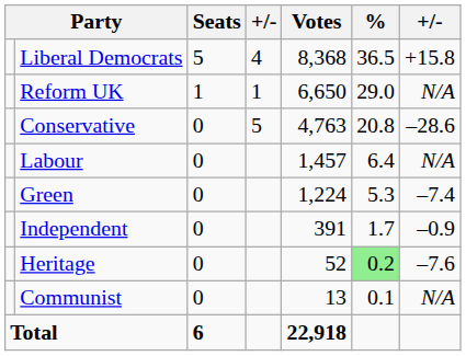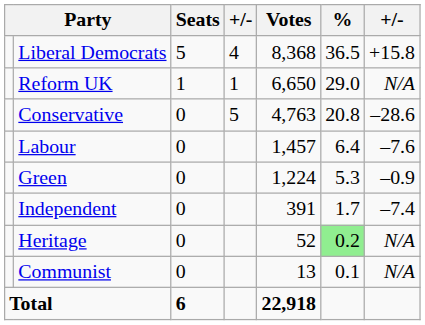 <table class="wikitable sortable">
 <tr>
 <th colspan="2">Party</th>
 <th>Seats</th>
 <th>+/-</th>
 <th>Votes</th>
 <th>%</th>
 <th>+/-</th>
 </tr>
 <tr>
 <td style="background-color: "></td>
 <td><a href='#'>Liberal Democrats</a></td>
 <td>5</td>
 <td> 4</td>
 <td style="text-align:right;">8,368</td>
 <td style="text-align:right;">36.5</td>
 <td style="text-align:right;">+15.8</td>
 </tr>
 <tr>
 <td style="background-color: "></td>
 <td><a href='#'>Reform UK</a></td>
 <td>1</td>
 <td> 1</td>
 <td style="text-align:right;">6,650</td>
 <td style="text-align:right;">29.0</td>
 <td style="text-align:right;"><em>N/A</em></td>
 </tr>
 <tr>
 <td style="background-color: "></td>
 <td><a href='#'>Conservative</a></td>
 <td>0</td>
 <td> 5</td>
 <td style="text-align:right;">4,763</td>
 <td style="text-align:right;">20.8</td>
 <td style="text-align:right;">–28.6</td>
 </tr>
 <tr>
 <td style="background-color: "></td>
 <td><a href='#'>Labour</a></td>
 <td>0</td>
 <td></td>
 <td style="text-align:right;">1,457</td>
 <td style="text-align:right;">6.4</td>
-<td style="text-align:right;"><em>N/A</em></td>
+<td style="text-align:right;">–7.6</td>
 </tr>
 <tr>
 <td style="background-color: "></td>
 <td><a href='#'>Green</a></td>
 <td>0</td>
 <td></td>
 <td style="text-align:right;">1,224</td>
 <td style="text-align:right;">5.3</td>
-<td style="text-align:right;">–7.4</td>
+<td style="text-align:right;">–0.9</td>
 </tr>
 <tr>
 <td style="background-color: "></td>
 <td><a href='#'>Independent</a></td>
 <td>0</td>
 <td></td>
 <td style="text-align:right;">391</td>
 <td style="text-align:right;">1.7</td>
-<td style="text-align:right;">–0.9</td>
+<td style="text-align:right;">–7.4</td>
 </tr>
 <tr>
 <td style="background-color: "></td>
 <td><a href='#'>Heritage</a></td>
 <td>0</td>
 <td></td>
 <td style="text-align:right;">52</td>
 <td style="background: lightgreen; text-align:right;">0.2</td>
-<td style="text-align:right;">–7.6</td>
+<td style="text-align:right;"><em>N/A</em></td>
 </tr>
 <tr>
 <td style="background-color: "></td>
 <td><a href='#'>Communist</a></td>
 <td>0</td>
 <td></td>
 <td style="text-align:right;">13</td>
 <td style="text-align:right;">0.1</td>
 <td style="text-align:right;"><em>N/A</em></td>
 </tr>
 <tr>
 <td colspan="2"><strong>Total</strong></td>
 <td><strong>6</strong></td>
 <td></td>
 <td style="text-align:right;"><strong>22,918</strong></td>
 <td style="text-align:right;"></td>
 <td style="text-align:right;"></td>
 </tr>
 </table>
